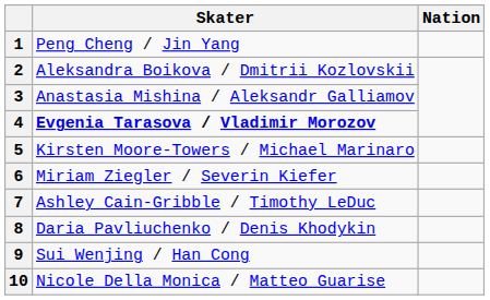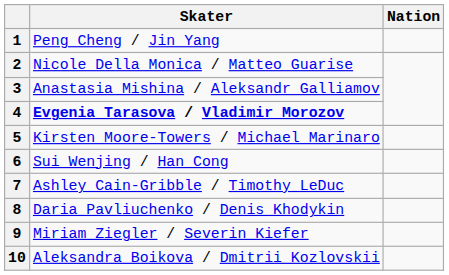 <table class="wikitable sortable" style="text-align: left">
 <tr>
 <th scope="col"></th>
 <th scope="col">Skater</th>
 <th scope="col">Nation</th>
 </tr>
 <tr>
 <th scope="row">1</th>
 <td><a href='#'>Peng Cheng</a> / <a href='#'>Jin Yang</a></td>
 <td></td>
 </tr>
 <tr>
 <th scope="row">2</th>
-<td><a href='#'>Aleksandra Boikova</a> / <a href='#'>Dmitrii Kozlovskii</a></td>
+<td><a href='#'>Nicole Della Monica</a> / <a href='#'>Matteo Guarise</a></td>
 <td rowspan="3"></td>
 </tr>
 <tr>
 <th scope="row">3</th>
 <td><a href='#'>Anastasia Mishina</a> / <a href='#'>Aleksandr Galliamov</a></td>
 </tr>
 <tr>
 <th scope="row">4</th>
 <td><strong><a href='#'>Evgenia Tarasova</a> / <a href='#'>Vladimir Morozov</a></strong></td>
 </tr>
 <tr>
 <th scope="row">5</th>
 <td><a href='#'>Kirsten Moore-Towers</a> / <a href='#'>Michael Marinaro</a></td>
 <td></td>
 </tr>
 <tr>
 <th scope="row">6</th>
-<td><a href='#'>Miriam Ziegler</a> / <a href='#'>Severin Kiefer</a></td>
+<td><a href='#'>Sui Wenjing</a> / <a href='#'>Han Cong</a></td>
 <td></td>
 </tr>
 <tr>
 <th scope="row">7</th>
 <td><a href='#'>Ashley Cain-Gribble</a> / <a href='#'>Timothy LeDuc</a></td>
 <td></td>
 </tr>
 <tr>
 <th scope="row">8</th>
 <td><a href='#'>Daria Pavliuchenko</a> / <a href='#'>Denis Khodykin</a></td>
 <td></td>
 </tr>
 <tr>
 <th scope="row">9</th>
-<td><a href='#'>Sui Wenjing</a> / <a href='#'>Han Cong</a></td>
+<td><a href='#'>Miriam Ziegler</a> / <a href='#'>Severin Kiefer</a></td>
 <td></td>
 </tr>
 <tr>
 <th scope="row">10</th>
-<td><a href='#'>Nicole Della Monica</a> / <a href='#'>Matteo Guarise</a></td>
+<td><a href='#'>Aleksandra Boikova</a> / <a href='#'>Dmitrii Kozlovskii</a></td>
 <td></td>
 </tr>
 </table>
